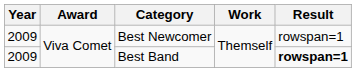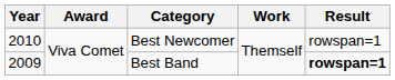 <table class="wikitable">
 <tr>
 <th>Year</th>
 <th>Award</th>
 <th>Category</th>
 <th>Work</th>
 <th>Result</th>
 </tr>
 <tr>
-<td>2009</td>
+<td>2010</td>
 <td rowspan="2">Viva Comet</td>
 <td>Best Newcomer</td>
 <td rowspan="6">Themself</td>
 <td>rowspan=1 </td>
 </tr>
 <tr>
 <td>2009</td>
 <td>Best Band</td>
 <td><strong>rowspan=1 </strong></td>
 </tr>
 </table>
